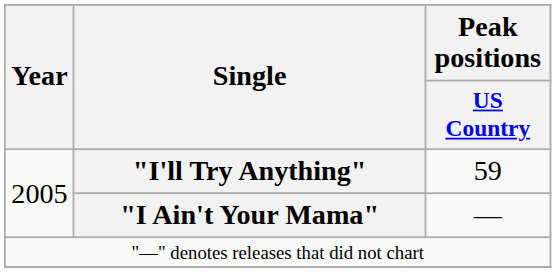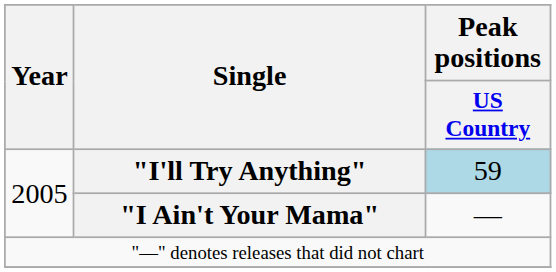 <table class="wikitable plainrowheaders" style="text-align:center;">
 <tr>
 <th rowspan="2">Year</th>
 <th rowspan="2" style="width:12em;">Single</th>
 <th colspan="1">Peak positions</th>
 </tr>
 <tr style="font-size:smaller;">
 <th width="65"><a href='#'>US Country</a></th>
 </tr>
 <tr>
 <td rowspan="2">2005</td>
 <th scope="row">"I'll Try Anything"</th>
-<td>59</td>
+<td style="background: lightblue;">59</td>
 </tr>
 <tr>
 <th scope="row">"I Ain't Your Mama"</th>
 <td>—</td>
 </tr>
 <tr>
 <td colspan="3" style="font-size:8pt">"—" denotes releases that did not chart</td>
 </tr>
 <tr>
 </tr>
 </table>
